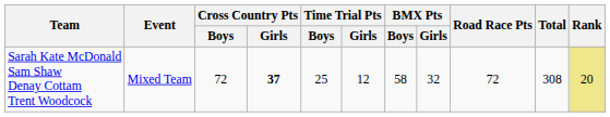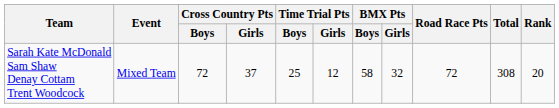 <table class="wikitable" border="1" style="font-size:90%">
 <tr>
 <th rowspan=2>Team</th>
 <th rowspan=2>Event</th>
 <th colspan=2>Cross Country Pts</th>
 <th colspan=2>Time Trial Pts</th>
 <th colspan=2>BMX Pts</th>
 <th rowspan=2>Road Race Pts</th>
 <th rowspan=2>Total</th>
 <th rowspan=2>Rank</th>
 </tr>
 <tr>
 <th>Boys</th>
 <th>Girls</th>
 <th>Boys</th>
 <th>Girls</th>
 <th>Boys</th>
 <th>Girls</th>
 </tr>
 <tr>
 <td><a href='#'>Sarah Kate McDonald</a><br><a href='#'>Sam Shaw</a><br><a href='#'>Denay Cottam</a><br><a href='#'>Trent Woodcock</a></td>
 <td><a href='#'>Mixed Team</a></td>
 <td align=center>72</td>
-<td align=center><strong>37</strong></td>
+<td align=center>37</td>
 <td align=center>25</td>
 <td align=center>12</td>
 <td align=center>58</td>
 <td align=center>32</td>
 <td align=center>72</td>
 <td align=center>308</td>
-<td align=center style="background: khaki;">20</td>
+<td align=center>20</td>
 </tr>
 </table>
